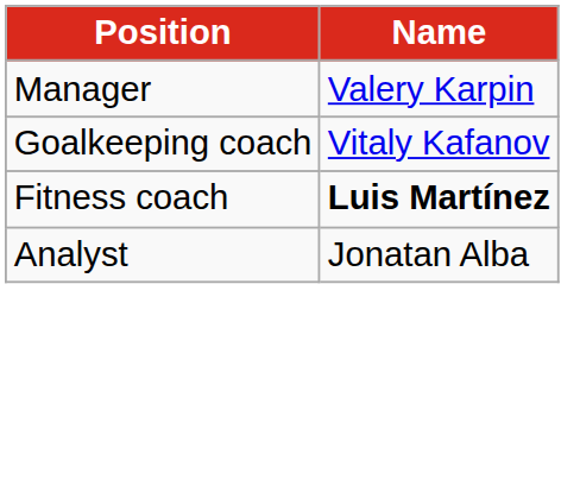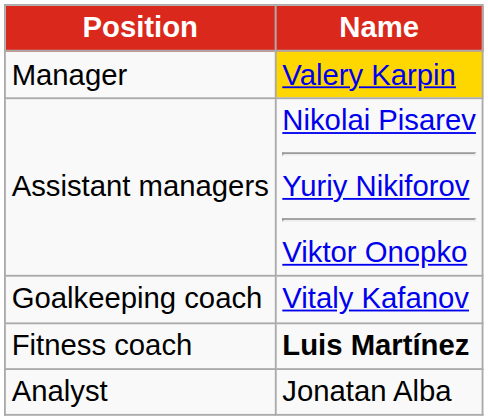 <table class="wikitable">
 <tr>
 <th style="background:#DA291C; color:white; ">Position</th>
 <th style="background:#DA291C; color:white; ">Name</th>
 </tr>
 <tr>
 <td style="text-align:left;">Manager</td>
-<td style="text-align:left;"> <a href='#'>Valery Karpin</a></td>
+<td style="background: gold; text-align:left;"> <a href='#'>Valery Karpin</a></td>
+</tr>
+<tr>
+<td style="text-align:left;">Assistant managers</td>
+<td style="text-align:left;"> <a href='#'>Nikolai Pisarev</a><hr> <a href='#'>Yuriy Nikiforov</a><hr> <a href='#'>Viktor Onopko</a></td>
 </tr>
 <tr>
 <td style="text-align:left;">Goalkeeping coach</td>
 <td style="text-align:left;"> <a href='#'>Vitaly Kafanov</a></td>
 </tr>
 <tr>
 <td style="text-align:left;">Fitness coach</td>
 <td style="text-align:left;"><strong> Luis Martínez</strong></td>
 </tr>
 <tr>
 <td style="text-align:left;">Analyst</td>
 <td style="text-align:left;"> Jonatan Alba</td>
 </tr>
 </table>
